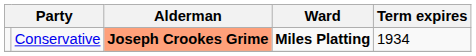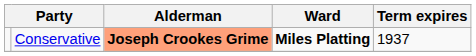 <table class="wikitable">
 <tr>
 <th colspan="2">Party</th>
 <th>Alderman</th>
 <th>Ward</th>
 <th>Term expires</th>
 </tr>
 <tr>
 <td style="background-color:"></td>
 <td><a href='#'>Conservative</a></td>
 <td style="background: lightsalmon;"><strong>Joseph Crookes Grime</strong></td>
 <td><strong>Miles Platting</strong></td>
-<td>1934</td>
+<td>1937</td>
 </tr>
 <tr>
 </tr>
 </table>
